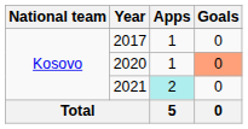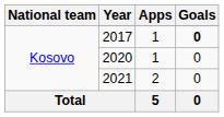 <table class="wikitable" style="text-align:center">
 <tr>
 <th>National team</th>
 <th>Year</th>
 <th>Apps</th>
 <th>Goals</th>
 </tr>
 <tr>
 <td rowspan="4"><a href='#'>Kosovo</a></td>
 </tr>
 <tr>
 <td>2017</td>
 <td>1</td>
-<td>0</td>
+<td><strong>0</strong></td>
 </tr>
 <tr>
 <td>2020</td>
 <td>1</td>
-<td style="background: lightsalmon;">0</td>
+<td>0</td>
 </tr>
 <tr>
 <td>2021</td>
-<td style="background: paleturquoise;">2</td>
+<td>2</td>
 <td>0</td>
 </tr>
 <tr>
 <th colspan=2>Total</th>
 <th>5</th>
 <th>0</th>
 </tr>
 </table>
